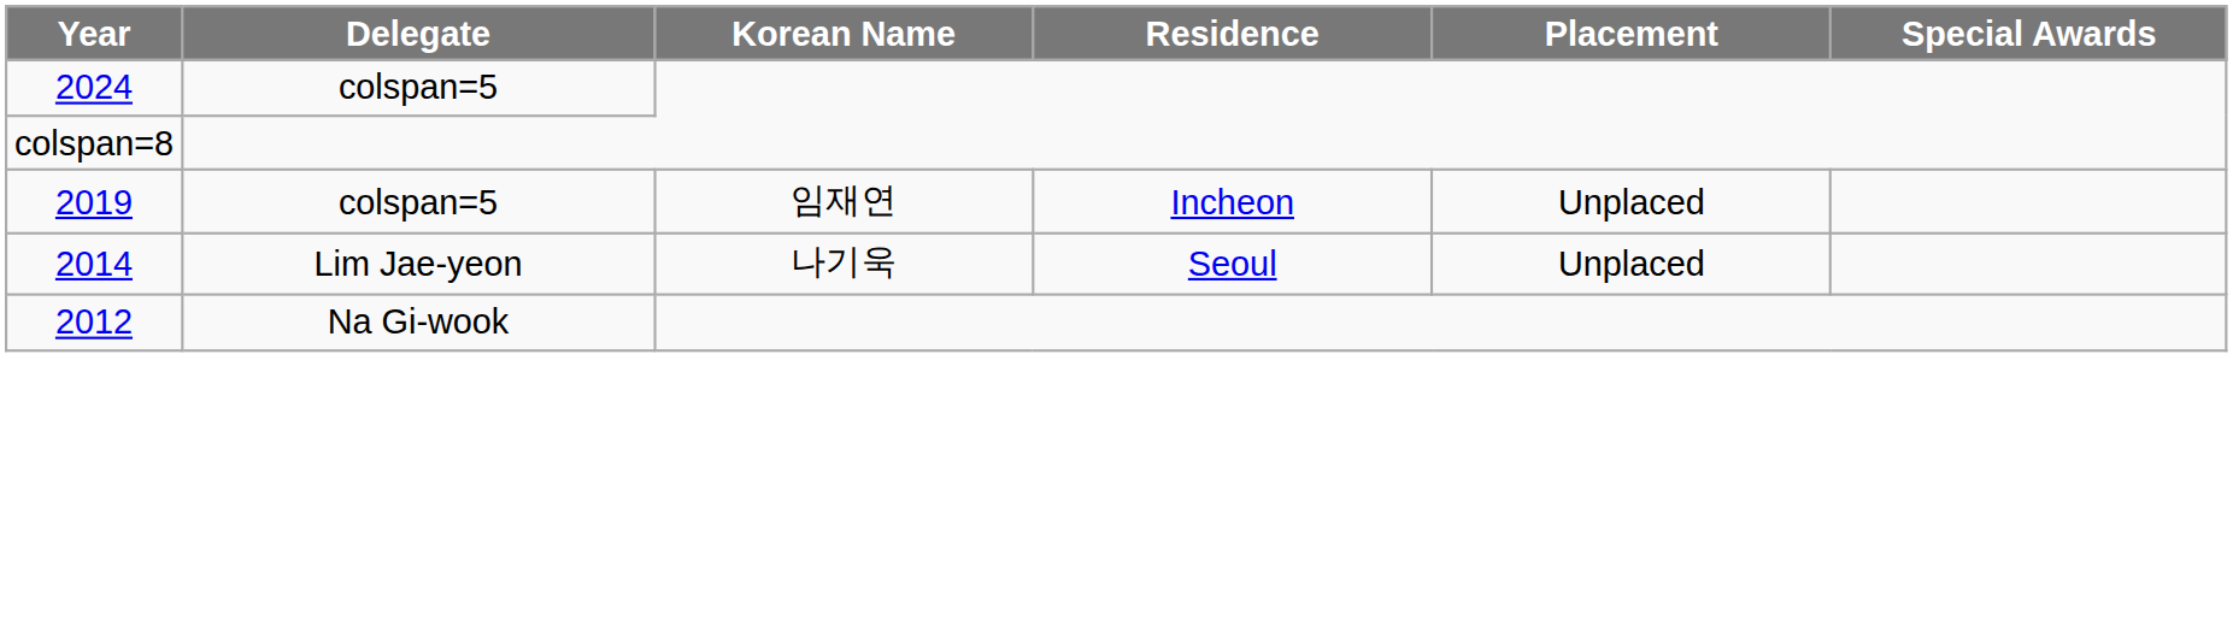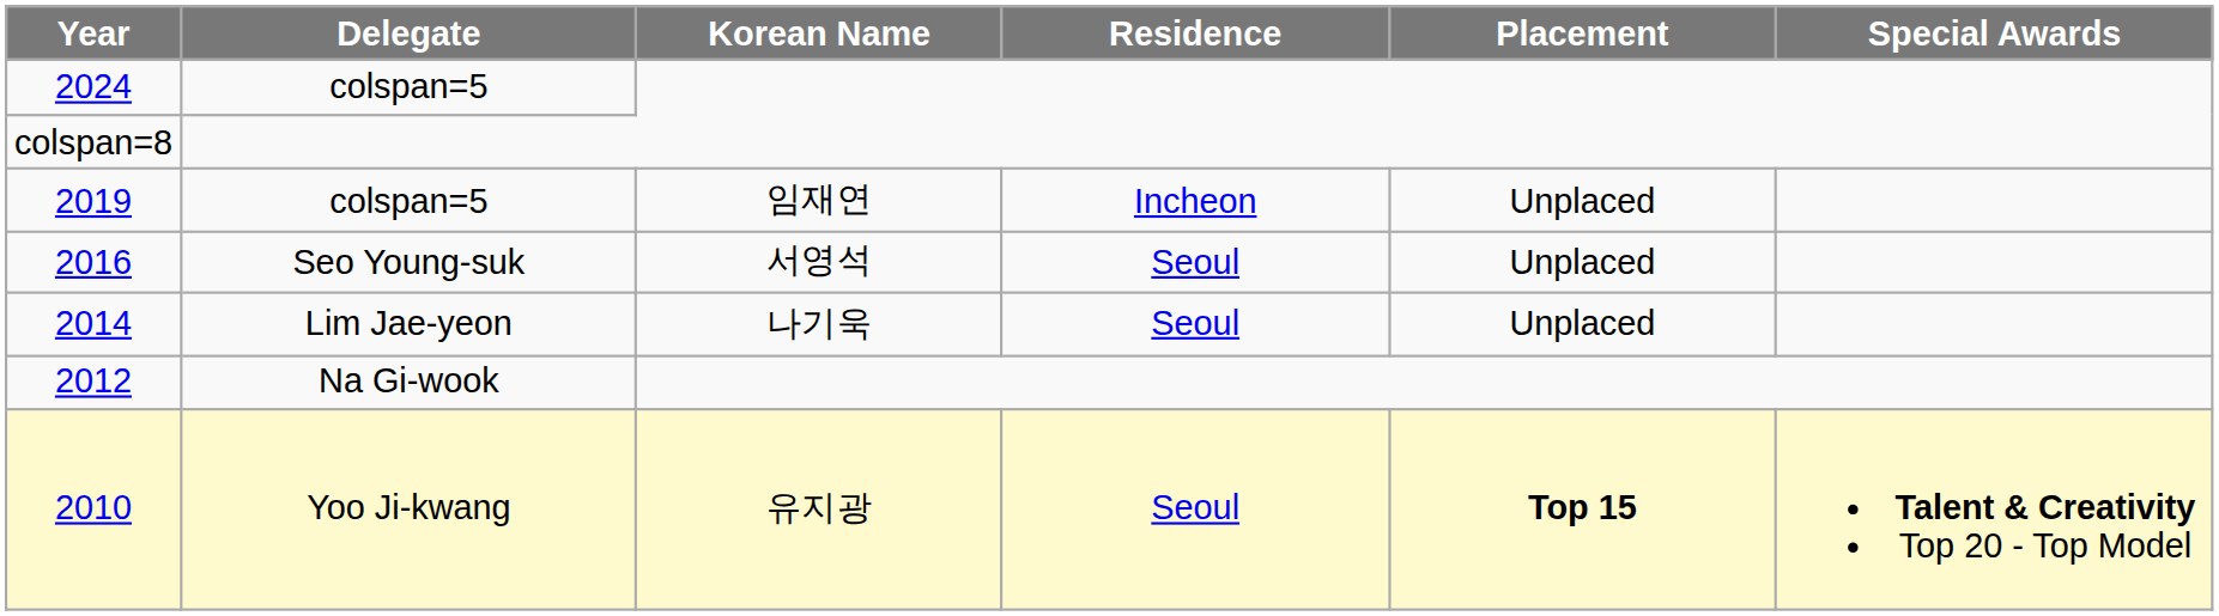 <table class="wikitable sortable" style="font-size: 85%; text-align:center">
 <tr>
 <th width="60" style="background-color:#787878;color:#FFFFFF;">Year</th>
 <th width="250" style="background-color:#787878;color:#FFFFFF;">Delegate</th>
 <th width="200" style="background-color:#787878;color:#FFFFFF;">Korean Name</th>
 <th width="200" style="background-color:#787878;color:#FFFFFF;">Residence</th>
 <th width="200" style="background-color:#787878;color:#FFFFFF;">Placement</th>
 <th width="210" style="background-color:#787878;color:#FFFFFF;">Special Awards</th>
 </tr>
 <tr>
 <td><a href='#'>2024</a></td>
 <td>colspan=5 </td>
 </tr>
 <tr>
 <td>colspan=8 </td>
 </tr>
 <tr>
 <td><a href='#'>2019</a></td>
 <td>colspan=5 </td>
 <td>임재연</td>
 <td><a href='#'>Incheon</a></td>
 <td>Unplaced</td>
 <td></td>
 </tr>
 <tr>
+<td><a href='#'>2016</a></td>
+<td>Seo Young-suk</td>
+<td>서영석</td>
+<td><a href='#'>Seoul</a></td>
+<td>Unplaced</td>
+<td></td>
+</tr>
+<tr>
 <td><a href='#'>2014</a></td>
 <td>Lim Jae-yeon</td>
 <td>나기욱</td>
 <td><a href='#'>Seoul</a></td>
 <td>Unplaced</td>
 <td></td>
 </tr>
 <tr>
 <td><a href='#'>2012</a></td>
 <td>Na Gi-wook</td>
 </tr>
+<tr style="background-color:#FFFACD;">
+<td><a href='#'>2010</a></td>
+<td>Yoo Ji-kwang</td>
+<td>유지광</td>
+<td><a href='#'>Seoul</a></td>
+<td><strong>Top 15</strong></td>
+<td><br><ul><li><strong>Talent & Creativity</strong></li><li>Top 20 - Top Model</li></ul></td>
+</tr>
 </table>
